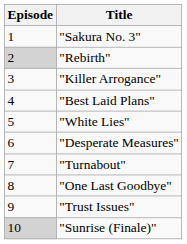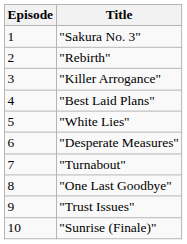 <table class="wikitable sortable">
 <tr>
 <th>Episode</th>
 <th>Title</th>
 </tr>
 <tr>
 <td>1</td>
 <td>"Sakura No. 3"</td>
 </tr>
 <tr>
-<td style="background: lightgrey;">2</td>
+<td>2</td>
 <td>"Rebirth"</td>
 </tr>
 <tr>
 <td>3</td>
 <td>"Killer Arrogance"</td>
 </tr>
 <tr>
 <td>4</td>
 <td>"Best Laid Plans"</td>
 </tr>
 <tr>
 <td>5</td>
 <td>"White Lies"</td>
 </tr>
 <tr>
 <td>6</td>
 <td>"Desperate Measures"</td>
 </tr>
 <tr>
 <td>7</td>
 <td>"Turnabout"</td>
 </tr>
 <tr>
 <td>8</td>
 <td>"One Last Goodbye"</td>
 </tr>
 <tr>
 <td>9</td>
 <td>"Trust Issues"</td>
 </tr>
 <tr>
-<td style="background: lightgrey;">10</td>
+<td>10</td>
 <td>"Sunrise (Finale)"</td>
 </tr>
 </table>
